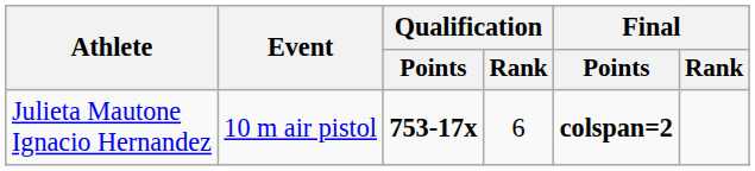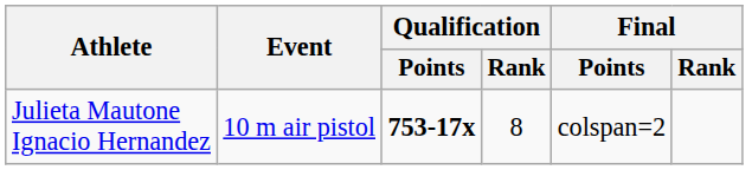 <table class=wikitable style=font-size:90%;text-align:center>
 <tr>
 <th rowspan=2>Athlete</th>
 <th rowspan=2>Event</th>
 <th colspan=2>Qualification</th>
 <th colspan=2>Final</th>
 </tr>
 <tr style=font-size:95%>
 <th>Points</th>
 <th>Rank</th>
 <th>Points</th>
 <th>Rank</th>
 </tr>
 <tr>
 <td align=left><a href='#'>Julieta Mautone</a><br><a href='#'>Ignacio Hernandez</a></td>
 <td align=left rowspan=2><a href='#'>10 m air pistol</a></td>
 <td><strong>753-17x</strong></td>
-<td>6</td>
-<td><strong>colspan=2 </strong></td>
+<td>8</td>
+<td>colspan=2 </td>
 </tr>
 </table>
